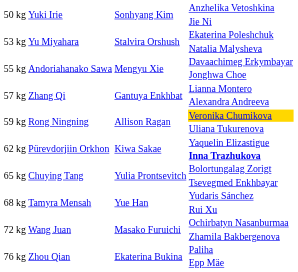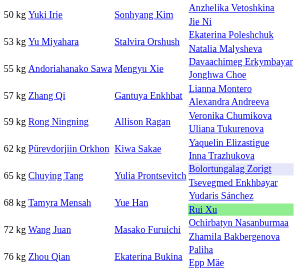 <table>
 <tr>
 <td rowspan=2>50 kg<br></td>
 <td rowspan=2> <a href='#'>Yuki Irie</a></td>
 <td rowspan=2> <a href='#'>Sonhyang Kim</a></td>
 <td> <a href='#'>Anzhelika Vetoshkina</a></td>
 </tr>
 <tr>
 <td> <a href='#'>Jie Ni</a></td>
 </tr>
 <tr>
 <td rowspan=2>53 kg<br></td>
 <td rowspan=2> <a href='#'>Yu Miyahara</a></td>
 <td rowspan=2> <a href='#'>Stalvira Orshush</a></td>
 <td> <a href='#'>Ekaterina Poleshchuk</a></td>
 </tr>
 <tr>
 <td> <a href='#'>Natalia Malysheva</a></td>
 </tr>
 <tr>
 <td rowspan=2>55 kg<br></td>
 <td rowspan=2> <a href='#'>Andoriahanako Sawa</a></td>
 <td rowspan=2> <a href='#'>Mengyu Xie</a></td>
 <td> <a href='#'>Davaachimeg Erkymbayar</a></td>
 </tr>
 <tr>
 <td> <a href='#'>Jonghwa Choe</a></td>
 </tr>
 <tr>
 <td rowspan=2>57 kg<br></td>
 <td rowspan=2> <a href='#'>Zhang Qi</a></td>
 <td rowspan=2> <a href='#'>Gantuya Enkhbat</a></td>
 <td> <a href='#'>Lianna Montero</a></td>
 </tr>
 <tr>
 <td> <a href='#'>Alexandra Andreeva</a></td>
 </tr>
 <tr>
 <td rowspan=2>59 kg<br></td>
 <td rowspan=2> <a href='#'>Rong Ningning</a></td>
 <td rowspan=2> <a href='#'>Allison Ragan</a></td>
-<td style="background: gold;"> <a href='#'>Veronika Chumikova</a></td>
+<td> <a href='#'>Veronika Chumikova</a></td>
 </tr>
 <tr>
 <td> <a href='#'>Uliana Tukurenova</a></td>
 </tr>
 <tr>
 <td rowspan=2>62 kg<br></td>
 <td rowspan=2> <a href='#'>Pürevdorjiin Orkhon</a></td>
 <td rowspan=2> <a href='#'>Kiwa Sakae</a></td>
 <td> <a href='#'>Yaquelin Elizastigue</a></td>
 </tr>
 <tr>
-<td><strong> <a href='#'>Inna Trazhukova</a></strong></td>
+<td> <a href='#'>Inna Trazhukova</a></td>
 </tr>
 <tr>
 <td rowspan=2>65 kg<br></td>
 <td rowspan=2> <a href='#'>Chuying Tang</a></td>
 <td rowspan=2> <a href='#'>Yulia Prontsevitch</a></td>
-<td> <a href='#'>Bolortungalag Zorigt</a></td>
+<td style="background: lavender;"> <a href='#'>Bolortungalag Zorigt</a></td>
 </tr>
 <tr>
 <td> <a href='#'>Tsevegmed Enkhbayar</a></td>
 </tr>
 <tr>
 <td rowspan=2>68 kg<br></td>
 <td rowspan=2> <a href='#'>Tamyra Mensah</a></td>
 <td rowspan=2> <a href='#'>Yue Han</a></td>
 <td> <a href='#'>Yudaris Sánchez</a></td>
 </tr>
 <tr>
-<td> <a href='#'>Rui Xu</a></td>
+<td style="background: lightgreen;"> <a href='#'>Rui Xu</a></td>
 </tr>
 <tr>
 <td rowspan=2>72 kg<br></td>
 <td rowspan=2> <a href='#'>Wang Juan</a></td>
 <td rowspan=2> <a href='#'>Masako Furuichi</a></td>
 <td> <a href='#'>Ochirbatyn Nasanburmaa</a></td>
 </tr>
 <tr>
 <td> <a href='#'>Zhamila Bakbergenova</a></td>
 </tr>
 <tr>
 <td rowspan=2>76 kg<br></td>
 <td rowspan=2> <a href='#'>Zhou Qian</a></td>
 <td rowspan=2> <a href='#'>Ekaterina Bukina</a></td>
 <td> <a href='#'>Paliha</a></td>
 </tr>
 <tr>
 <td> <a href='#'>Epp Mäe</a></td>
 </tr>
 </table>
